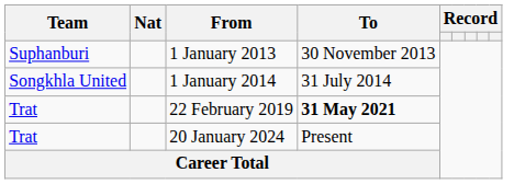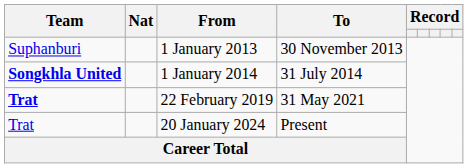 <table class=wikitable style=text-align:center>
 <tr>
 <th rowspan=2>Team</th>
 <th rowspan=2>Nat</th>
 <th rowspan=2>From</th>
 <th rowspan=2>To</th>
 <th colspan=5>Record</th>
 </tr>
 <tr>
 <th></th>
 <th></th>
 <th></th>
 <th></th>
 <th></th>
 </tr>
 <tr>
 <td align=left><a href='#'>Suphanburi</a></td>
 <td></td>
 <td align=left>1 January 2013</td>
 <td align=left>30 November 2013<br></td>
 </tr>
 <tr>
-<td align=left><a href='#'>Songkhla United</a></td>
+<td align=left><strong><a href='#'>Songkhla United</a></strong></td>
 <td></td>
 <td align=left>1 January 2014</td>
 <td align=left>31 July 2014<br></td>
 </tr>
 <tr>
-<td align="left"><a href='#'>Trat</a></td>
+<td align="left"><strong><a href='#'>Trat</a></strong></td>
 <td></td>
 <td align="left">22 February 2019</td>
-<td align="left"><strong>31 May 2021<br></strong></td>
+<td align="left">31 May 2021<br></td>
 </tr>
 <tr>
 <td align="left"><a href='#'>Trat</a></td>
 <td></td>
 <td align="left">20 January 2024</td>
 <td align="left">Present<br></td>
 </tr>
 <tr>
 <th colspan="4">Career Total<br></th>
 </tr>
 </table>
